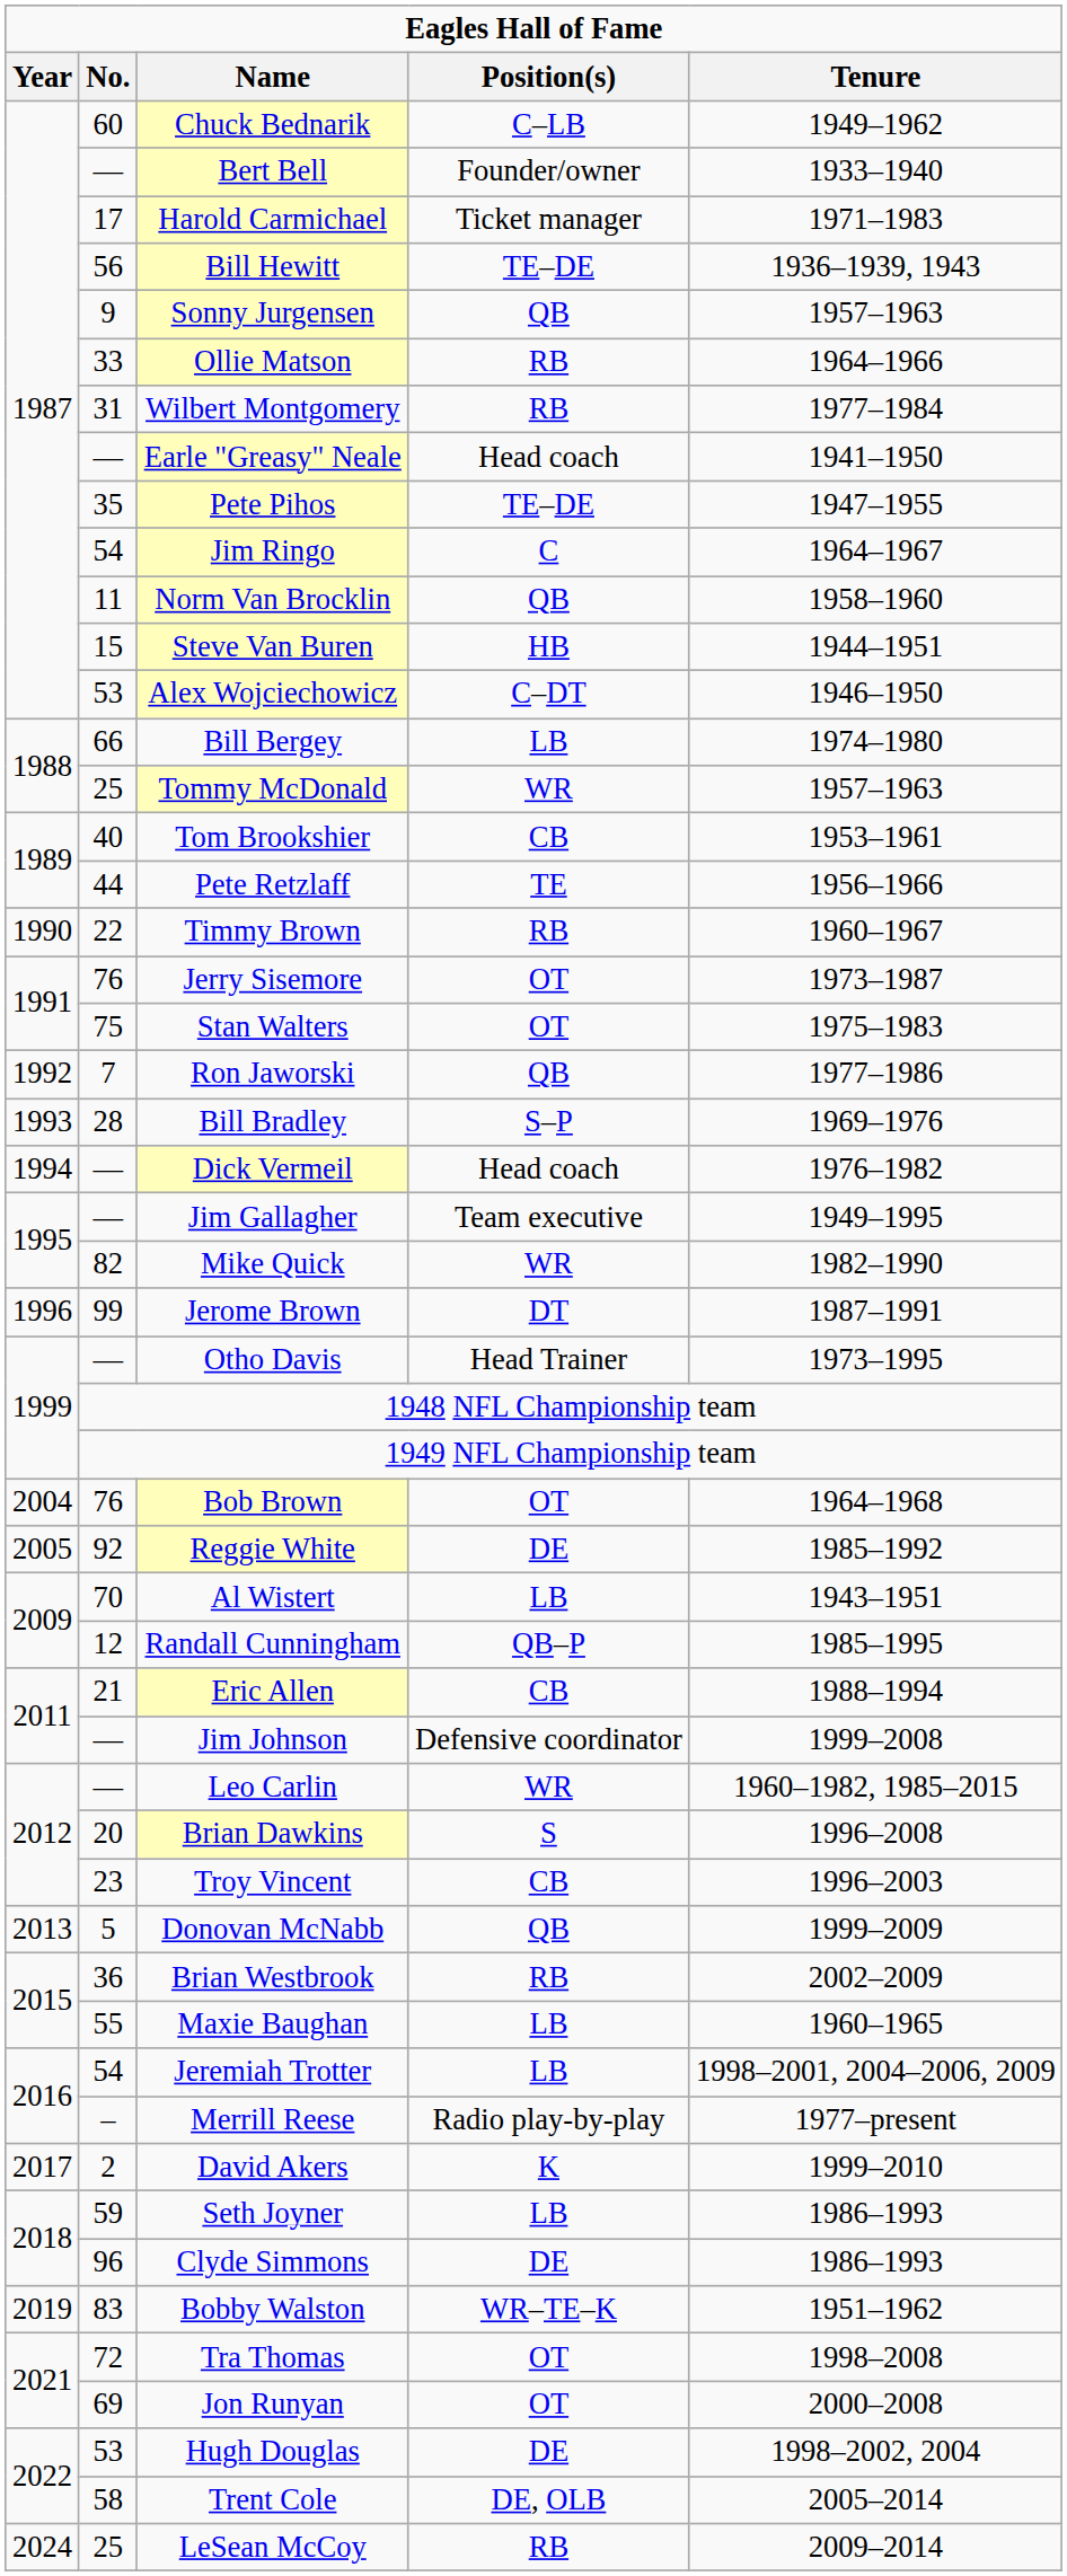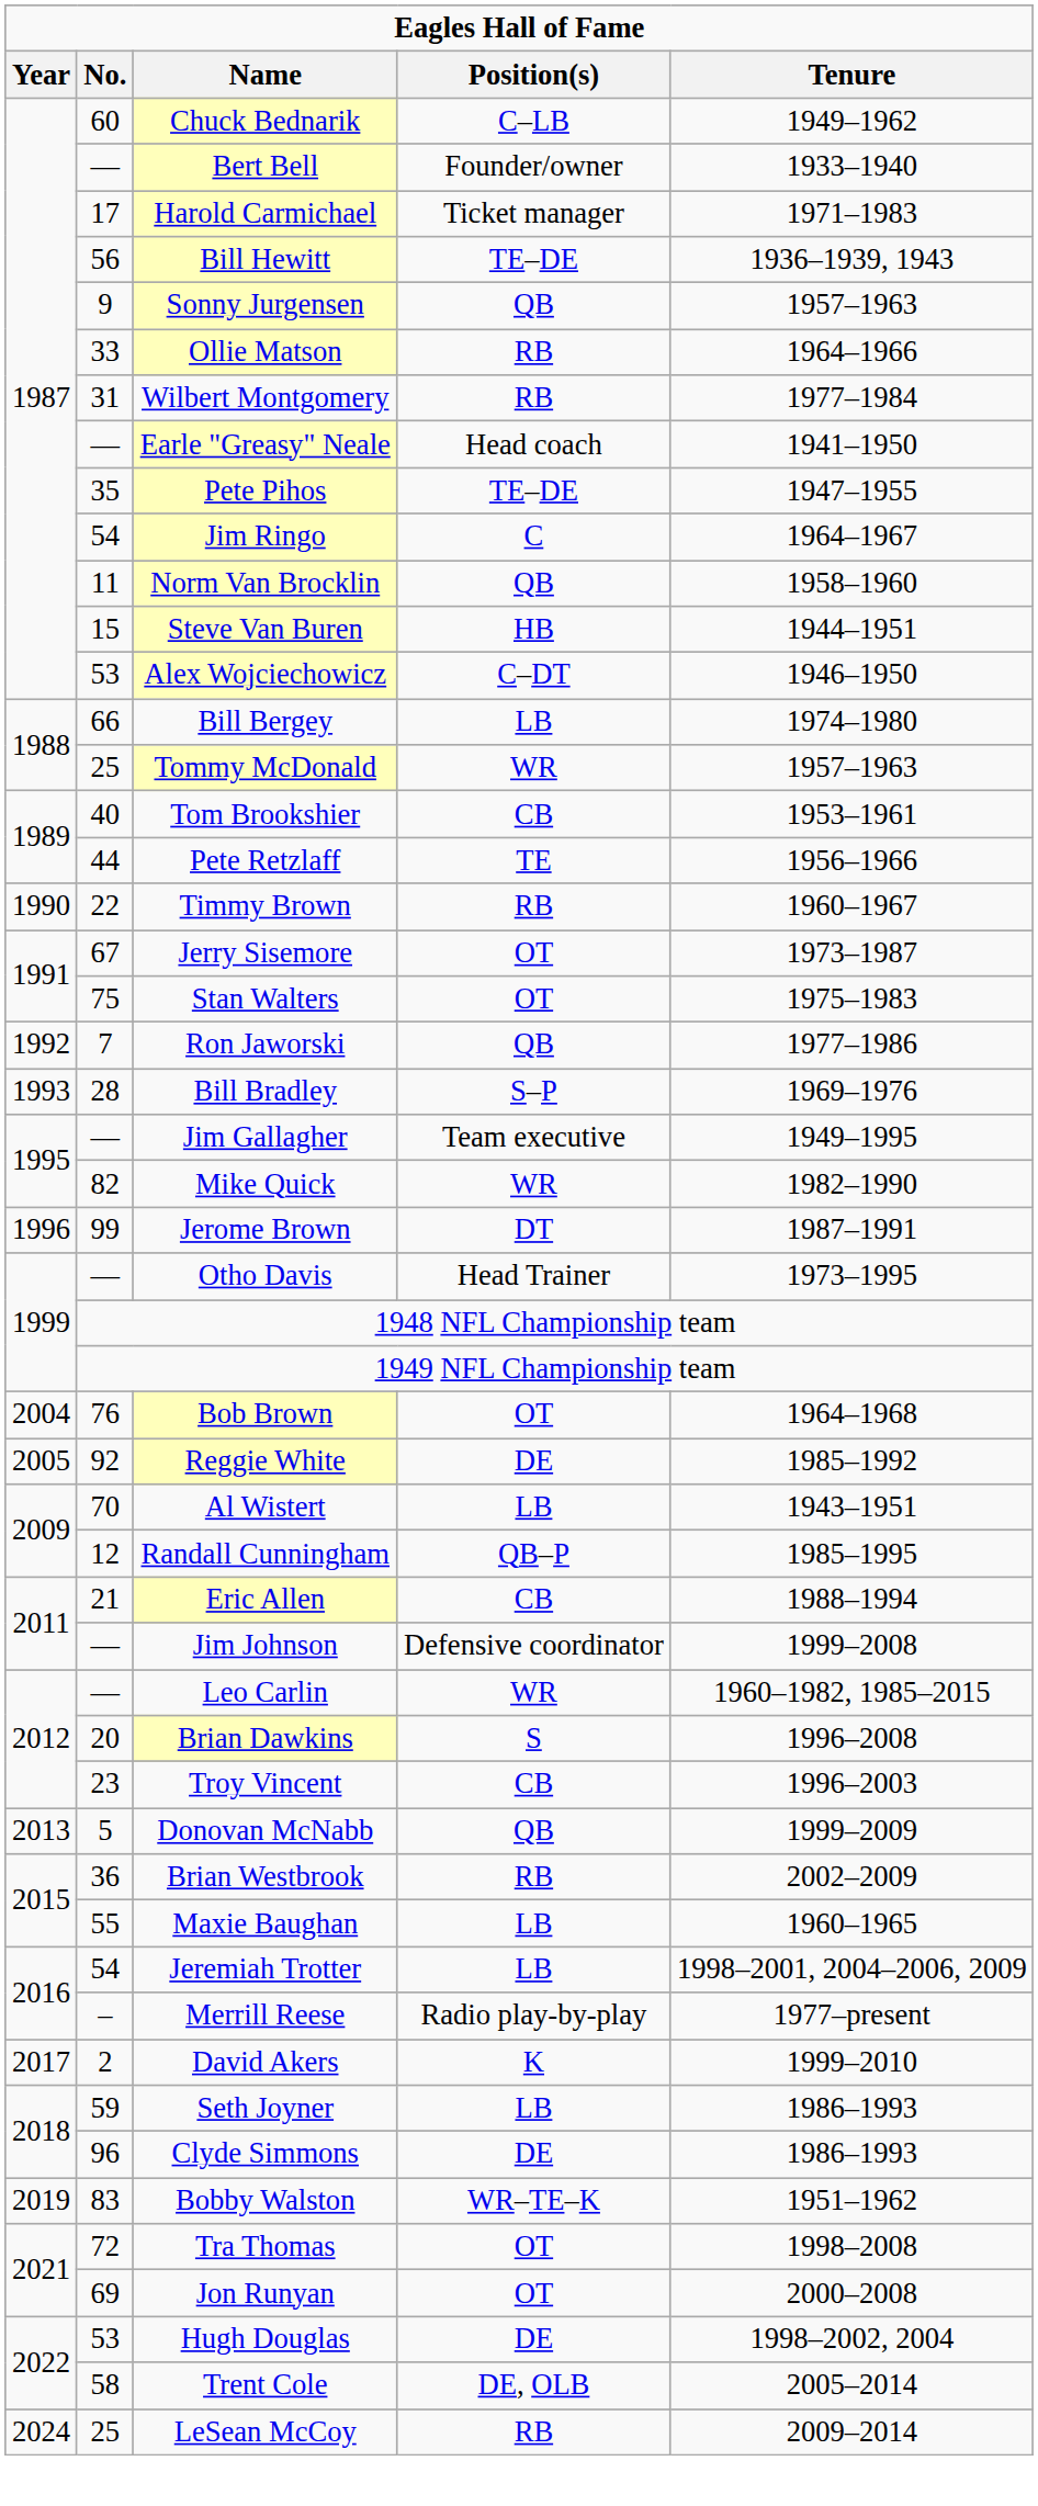 <table class="wikitable" style="text-align:center">
 <tr>
 <td colspan="5"><strong>Eagles Hall of Fame</strong></td>
 </tr>
 <tr>
 <th scope="col">Year</th>
 <th scope="col">No.</th>
 <th scope="col">Name</th>
 <th scope="col">Position(s)</th>
 <th scope="col">Tenure</th>
 </tr>
 <tr>
 <td rowspan=13>1987</td>
 <td>60</td>
 <td style="background:#ffb"><a href='#'>Chuck Bednarik</a></td>
 <td><a href='#'>C</a>–<a href='#'>LB</a></td>
 <td>1949–1962</td>
 </tr>
 <tr>
 <td>—</td>
 <td style="background:#ffb"><a href='#'>Bert Bell</a></td>
 <td>Founder/owner</td>
 <td>1933–1940</td>
 </tr>
 <tr>
 <td>17</td>
 <td style="background:#ffb"><a href='#'>Harold Carmichael</a></td>
 <td>Ticket manager</td>
 <td>1971–1983</td>
 </tr>
 <tr>
 <td>56</td>
 <td style="background:#ffb"><a href='#'>Bill Hewitt</a></td>
 <td><a href='#'>TE</a>–<a href='#'>DE</a></td>
 <td>1936–1939, 1943</td>
 </tr>
 <tr>
 <td>9</td>
 <td style="background:#ffb"><a href='#'>Sonny Jurgensen</a></td>
 <td><a href='#'>QB</a></td>
 <td>1957–1963</td>
 </tr>
 <tr>
 <td>33</td>
 <td style="background:#ffb"><a href='#'>Ollie Matson</a></td>
 <td><a href='#'>RB</a></td>
 <td>1964–1966</td>
 </tr>
 <tr>
 <td>31</td>
 <td><a href='#'>Wilbert Montgomery</a></td>
 <td><a href='#'>RB</a></td>
 <td>1977–1984</td>
 </tr>
 <tr>
 <td>—</td>
 <td style="background:#ffb"><a href='#'>Earle "Greasy" Neale</a></td>
 <td>Head coach</td>
 <td>1941–1950</td>
 </tr>
 <tr>
 <td>35</td>
 <td style="background:#ffb"><a href='#'>Pete Pihos</a></td>
 <td><a href='#'>TE</a>–<a href='#'>DE</a></td>
 <td>1947–1955</td>
 </tr>
 <tr>
 <td>54</td>
 <td style="background:#ffb"><a href='#'>Jim Ringo</a></td>
 <td><a href='#'>C</a></td>
 <td>1964–1967</td>
 </tr>
 <tr>
 <td>11</td>
 <td style="background:#ffb"><a href='#'>Norm Van Brocklin</a></td>
 <td><a href='#'>QB</a></td>
 <td>1958–1960</td>
 </tr>
 <tr>
 <td>15</td>
 <td style="background:#ffb"><a href='#'>Steve Van Buren</a></td>
 <td><a href='#'>HB</a></td>
 <td>1944–1951</td>
 </tr>
 <tr>
 <td>53</td>
 <td style="background:#ffb"><a href='#'>Alex Wojciechowicz</a></td>
 <td><a href='#'>C</a>–<a href='#'>DT</a></td>
 <td>1946–1950</td>
 </tr>
 <tr>
 <td rowspan=2>1988</td>
 <td>66</td>
 <td><a href='#'>Bill Bergey</a></td>
 <td><a href='#'>LB</a></td>
 <td>1974–1980</td>
 </tr>
 <tr>
 <td>25</td>
 <td style="background:#ffb"><a href='#'>Tommy McDonald</a></td>
 <td><a href='#'>WR</a></td>
 <td>1957–1963</td>
 </tr>
 <tr>
 <td rowspan=2>1989</td>
 <td>40</td>
 <td><a href='#'>Tom Brookshier</a></td>
 <td><a href='#'>CB</a></td>
 <td>1953–1961</td>
 </tr>
 <tr>
 <td>44</td>
 <td><a href='#'>Pete Retzlaff</a></td>
 <td><a href='#'>TE</a></td>
 <td>1956–1966</td>
 </tr>
 <tr>
 <td>1990</td>
 <td>22</td>
 <td><a href='#'>Timmy Brown</a></td>
 <td><a href='#'>RB</a></td>
 <td>1960–1967</td>
 </tr>
 <tr>
 <td rowspan=2>1991</td>
-<td>76</td>
+<td>67</td>
 <td><a href='#'>Jerry Sisemore</a></td>
 <td><a href='#'>OT</a></td>
 <td>1973–1987</td>
 </tr>
 <tr>
 <td>75</td>
 <td><a href='#'>Stan Walters</a></td>
 <td><a href='#'>OT</a></td>
 <td>1975–1983</td>
 </tr>
 <tr>
 <td>1992</td>
 <td>7</td>
 <td><a href='#'>Ron Jaworski</a></td>
 <td><a href='#'>QB</a></td>
 <td>1977–1986</td>
 </tr>
 <tr>
 <td>1993</td>
 <td>28</td>
 <td><a href='#'>Bill Bradley</a></td>
 <td><a href='#'>S</a>–<a href='#'>P</a></td>
 <td>1969–1976</td>
-</tr>
-<tr>
-<td>1994</td>
-<td>—</td>
-<td style="background:#ffb"><a href='#'>Dick Vermeil</a></td>
-<td>Head coach</td>
-<td>1976–1982</td>
 </tr>
 <tr>
 <td rowspan=2>1995</td>
 <td>—</td>
 <td><a href='#'>Jim Gallagher</a></td>
 <td>Team executive</td>
 <td>1949–1995</td>
 </tr>
 <tr>
 <td>82</td>
 <td><a href='#'>Mike Quick</a></td>
 <td><a href='#'>WR</a></td>
 <td>1982–1990</td>
 </tr>
 <tr>
 <td>1996</td>
 <td>99</td>
 <td><a href='#'>Jerome Brown</a></td>
 <td><a href='#'>DT</a></td>
 <td>1987–1991</td>
 </tr>
 <tr>
 <td rowspan=3>1999</td>
 <td>—</td>
 <td><a href='#'>Otho Davis</a></td>
 <td>Head Trainer</td>
 <td>1973–1995</td>
 </tr>
 <tr>
 <td colspan="4" style="text-align:center"><a href='#'>1948</a> <a href='#'>NFL Championship</a> team</td>
 </tr>
 <tr>
 <td colspan="4" style="text-align:center"><a href='#'>1949</a> <a href='#'>NFL Championship</a> team</td>
 </tr>
 <tr>
 <td>2004</td>
 <td>76</td>
 <td style="background:#ffb"><a href='#'>Bob Brown</a></td>
 <td><a href='#'>OT</a></td>
 <td>1964–1968</td>
 </tr>
 <tr>
 <td>2005</td>
 <td>92</td>
 <td style="background:#ffb"><a href='#'>Reggie White</a></td>
 <td><a href='#'>DE</a></td>
 <td>1985–1992</td>
 </tr>
 <tr>
 <td rowspan=2>2009</td>
 <td>70</td>
 <td><a href='#'>Al Wistert</a></td>
 <td><a href='#'>LB</a></td>
 <td>1943–1951</td>
 </tr>
 <tr>
 <td>12</td>
 <td><a href='#'>Randall Cunningham</a></td>
 <td><a href='#'>QB</a>–<a href='#'>P</a></td>
 <td>1985–1995</td>
 </tr>
 <tr>
 <td rowspan=2>2011</td>
 <td>21</td>
 <td style="background:#ffb"><a href='#'>Eric Allen</a></td>
 <td><a href='#'>CB</a></td>
 <td>1988–1994</td>
 </tr>
 <tr>
 <td>—</td>
 <td><a href='#'>Jim Johnson</a></td>
 <td>Defensive coordinator</td>
 <td>1999–2008</td>
 </tr>
 <tr>
 <td rowspan=3>2012</td>
 <td>—</td>
 <td><a href='#'>Leo Carlin</a></td>
 <td><a href='#'>WR</a></td>
 <td>1960–1982, 1985–2015</td>
 </tr>
 <tr>
 <td>20</td>
 <td style="background:#ffb"><a href='#'>Brian Dawkins</a></td>
 <td><a href='#'>S</a></td>
 <td>1996–2008</td>
 </tr>
 <tr>
 <td>23</td>
 <td><a href='#'>Troy Vincent</a></td>
 <td><a href='#'>CB</a></td>
 <td>1996–2003</td>
 </tr>
 <tr>
 <td>2013</td>
 <td>5</td>
 <td><a href='#'>Donovan McNabb</a></td>
 <td><a href='#'>QB</a></td>
 <td>1999–2009</td>
 </tr>
 <tr>
 <td rowspan=2>2015</td>
 <td>36</td>
 <td><a href='#'>Brian Westbrook</a></td>
 <td><a href='#'>RB</a></td>
 <td>2002–2009</td>
 </tr>
 <tr>
 <td>55</td>
 <td><a href='#'>Maxie Baughan</a></td>
 <td><a href='#'>LB</a></td>
 <td>1960–1965</td>
 </tr>
 <tr>
 <td rowspan=2>2016</td>
 <td>54</td>
 <td><a href='#'>Jeremiah Trotter</a></td>
 <td><a href='#'>LB</a></td>
 <td>1998–2001, 2004–2006, 2009</td>
 </tr>
 <tr>
 <td>–</td>
 <td><a href='#'>Merrill Reese</a></td>
 <td>Radio play-by-play</td>
 <td>1977–present</td>
 </tr>
 <tr>
 <td>2017</td>
 <td>2</td>
 <td><a href='#'>David Akers</a></td>
 <td><a href='#'>K</a></td>
 <td>1999–2010</td>
 </tr>
 <tr>
 <td rowspan=2>2018</td>
 <td>59</td>
 <td><a href='#'>Seth Joyner</a></td>
 <td><a href='#'>LB</a></td>
 <td>1986–1993</td>
 </tr>
 <tr>
 <td>96</td>
 <td><a href='#'>Clyde Simmons</a></td>
 <td><a href='#'>DE</a></td>
 <td>1986–1993</td>
 </tr>
 <tr>
 <td>2019</td>
 <td>83</td>
 <td><a href='#'>Bobby Walston</a></td>
 <td><a href='#'>WR</a>–<a href='#'>TE</a>–<a href='#'>K</a></td>
 <td>1951–1962</td>
 </tr>
 <tr>
 <td rowspan=2>2021</td>
 <td>72</td>
 <td><a href='#'>Tra Thomas</a></td>
 <td><a href='#'>OT</a></td>
 <td>1998–2008</td>
 </tr>
 <tr>
 <td>69</td>
 <td><a href='#'>Jon Runyan</a></td>
 <td><a href='#'>OT</a></td>
 <td>2000–2008</td>
 </tr>
 <tr>
 <td rowspan=2>2022</td>
 <td>53</td>
 <td><a href='#'>Hugh Douglas</a></td>
 <td><a href='#'>DE</a></td>
 <td>1998–2002, 2004</td>
 </tr>
 <tr>
 <td>58</td>
 <td><a href='#'>Trent Cole</a></td>
 <td><a href='#'>DE</a>, <a href='#'>OLB</a></td>
 <td>2005–2014</td>
 </tr>
 <tr>
 <td>2024</td>
 <td>25</td>
 <td><a href='#'>LeSean McCoy</a></td>
 <td><a href='#'>RB</a></td>
 <td>2009–2014</td>
 </tr>
 </table>
